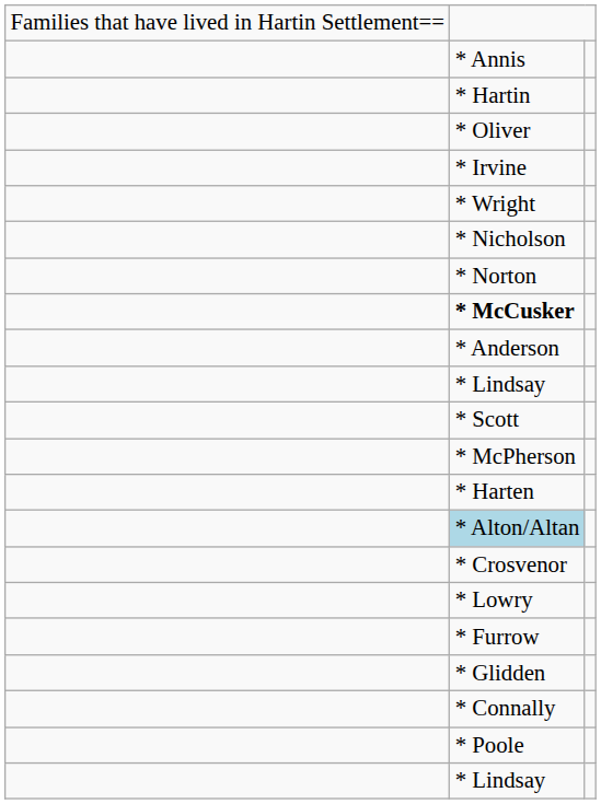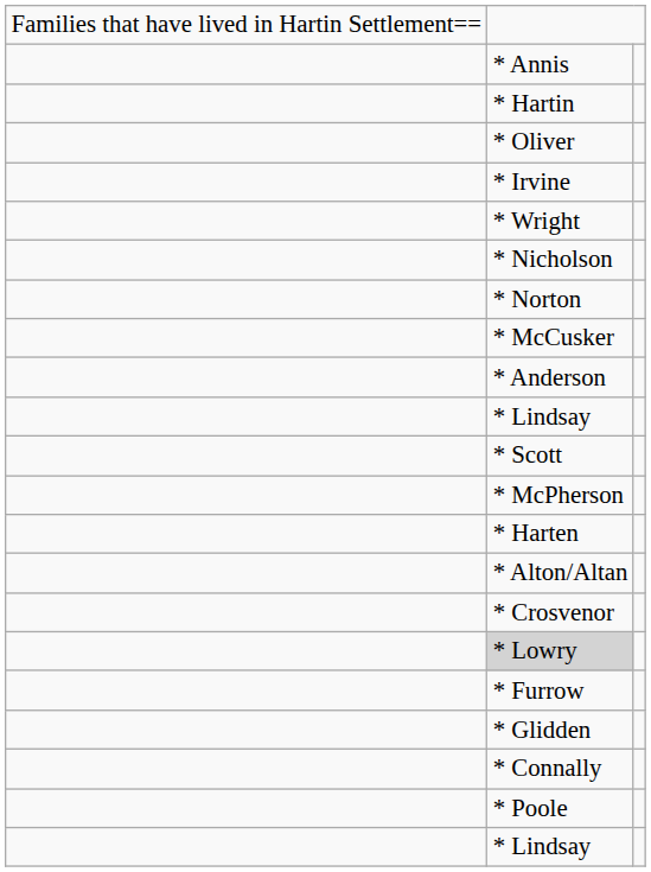 <table class="wikitable">
 <tr>
 <td>Families that have lived in Hartin Settlement==</td>
 <td colspan="2"></td>
 </tr>
 <tr>
 <td></td>
 <td>* Annis</td>
 <td colspan="2"></td>
 </tr>
 <tr>
 <td></td>
 <td>* Hartin</td>
 <td colspan="2"></td>
 </tr>
 <tr>
 <td></td>
 <td>* Oliver</td>
 <td colspan="2"></td>
 </tr>
 <tr>
 <td></td>
 <td>* Irvine</td>
 <td colspan="2"></td>
 </tr>
 <tr>
 <td></td>
 <td>* Wright</td>
 <td colspan="2"></td>
 </tr>
 <tr>
 <td></td>
 <td>* Nicholson</td>
 <td colspan="2"></td>
 </tr>
 <tr>
 <td></td>
 <td>* Norton</td>
 <td colspan="2"></td>
 </tr>
 <tr>
 <td></td>
-<td><strong>* McCusker</strong></td>
+<td>* McCusker</td>
 <td colspan="2"></td>
 </tr>
 <tr>
 <td></td>
 <td>* Anderson</td>
 <td colspan="2"></td>
 </tr>
 <tr>
 <td></td>
 <td>* Lindsay</td>
 <td colspan="2"></td>
 </tr>
 <tr>
 <td></td>
 <td>* Scott</td>
 <td colspan="2"></td>
 </tr>
 <tr>
 <td></td>
 <td>* McPherson</td>
 <td colspan="2"></td>
 </tr>
 <tr>
 <td></td>
 <td>* Harten</td>
 <td colspan="2"></td>
 </tr>
 <tr>
 <td></td>
-<td style="background: lightblue;">* Alton/Altan</td>
+<td>* Alton/Altan</td>
 <td colspan="2"></td>
 </tr>
 <tr>
 <td></td>
 <td>* Crosvenor</td>
 <td colspan="2"></td>
 </tr>
 <tr>
 <td></td>
-<td>* Lowry</td>
+<td style="background: lightgrey;">* Lowry</td>
 <td colspan="2"></td>
 </tr>
 <tr>
 <td></td>
 <td>* Furrow</td>
 <td colspan="2"></td>
 </tr>
 <tr>
 <td></td>
 <td>* Glidden</td>
 <td colspan="2"></td>
 </tr>
 <tr>
 <td></td>
 <td>* Connally</td>
 <td colspan="2"></td>
 </tr>
 <tr>
 <td></td>
 <td>* Poole</td>
 <td colspan="2"></td>
 </tr>
 <tr>
 <td></td>
 <td>* Lindsay</td>
 </tr>
 </table>
